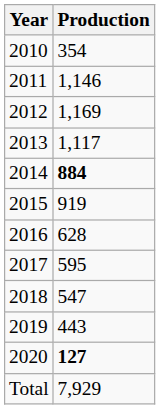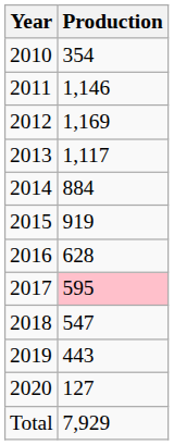 <table class="wikitable">
 <tr>
 <th>Year</th>
 <th>Production</th>
 </tr>
 <tr>
 <td>2010</td>
 <td>354</td>
 </tr>
 <tr>
 <td>2011</td>
 <td>1,146</td>
 </tr>
 <tr>
 <td>2012</td>
 <td>1,169</td>
 </tr>
 <tr>
 <td>2013</td>
 <td>1,117</td>
 </tr>
 <tr>
 <td>2014</td>
-<td><strong>884</strong></td>
+<td>884</td>
 </tr>
 <tr>
 <td>2015</td>
 <td>919</td>
 </tr>
 <tr>
 <td>2016</td>
 <td>628</td>
 </tr>
 <tr>
 <td>2017</td>
-<td>595</td>
+<td style="background: pink;">595</td>
 </tr>
 <tr>
 <td>2018</td>
 <td>547</td>
 </tr>
 <tr>
 <td>2019</td>
 <td>443</td>
 </tr>
 <tr>
 <td>2020</td>
-<td><strong>127</strong></td>
+<td>127</td>
 </tr>
 <tr>
 <td>Total</td>
 <td>7,929</td>
 </tr>
 </table>
